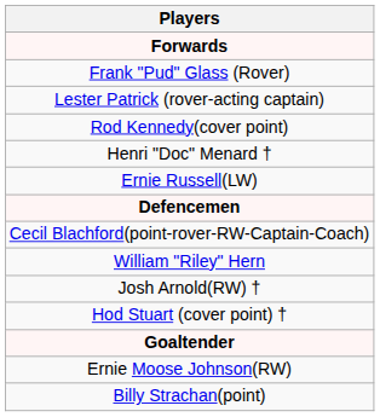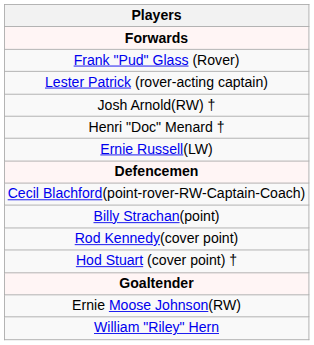 <table class="wikitable" style="text-align:center;">
 <tr>
 <th>Players</th>
 </tr>
 <tr style="font-weight:bold; background-color:#FFF5F5;">
 <td colspan="1" align="center"><strong>Forwards</strong></td>
 </tr>
 <tr>
 <td><a href='#'>Frank "Pud" Glass</a> (Rover)</td>
 </tr>
 <tr>
 <td><a href='#'>Lester Patrick</a> (rover-acting captain)</td>
 </tr>
 <tr>
-<td><a href='#'>Rod Kennedy</a>(cover point)</td>
+<td>Josh Arnold(RW) †</td>
 </tr>
 <tr>
 <td>Henri "Doc" Menard †</td>
 </tr>
 <tr>
 <td><a href='#'>Ernie Russell</a>(LW)</td>
 </tr>
 <tr style="font-weight:bold; background-color:#FFF5F5;">
 <td colspan="1" align="center"><strong>Defencemen</strong></td>
 </tr>
 <tr>
 <td><a href='#'>Cecil Blachford</a>(point-rover-RW-Captain-Coach)</td>
 </tr>
 <tr>
-<td><a href='#'>William "Riley" Hern</a></td>
+<td><a href='#'>Billy Strachan</a>(point)</td>
 </tr>
 <tr>
-<td>Josh Arnold(RW) †</td>
+<td><a href='#'>Rod Kennedy</a>(cover point)</td>
 </tr>
 <tr>
 <td><a href='#'>Hod Stuart</a> (cover point) †</td>
 </tr>
 <tr style="font-weight:bold; background-color:#FFF5F5;">
 <td colspan="1" align="center"><strong>Goaltender</strong></td>
 </tr>
 <tr>
 <td>Ernie <a href='#'>Moose Johnson</a>(RW)</td>
 </tr>
 <tr>
-<td><a href='#'>Billy Strachan</a>(point)</td>
+<td><a href='#'>William "Riley" Hern</a></td>
 </tr>
 </table>
